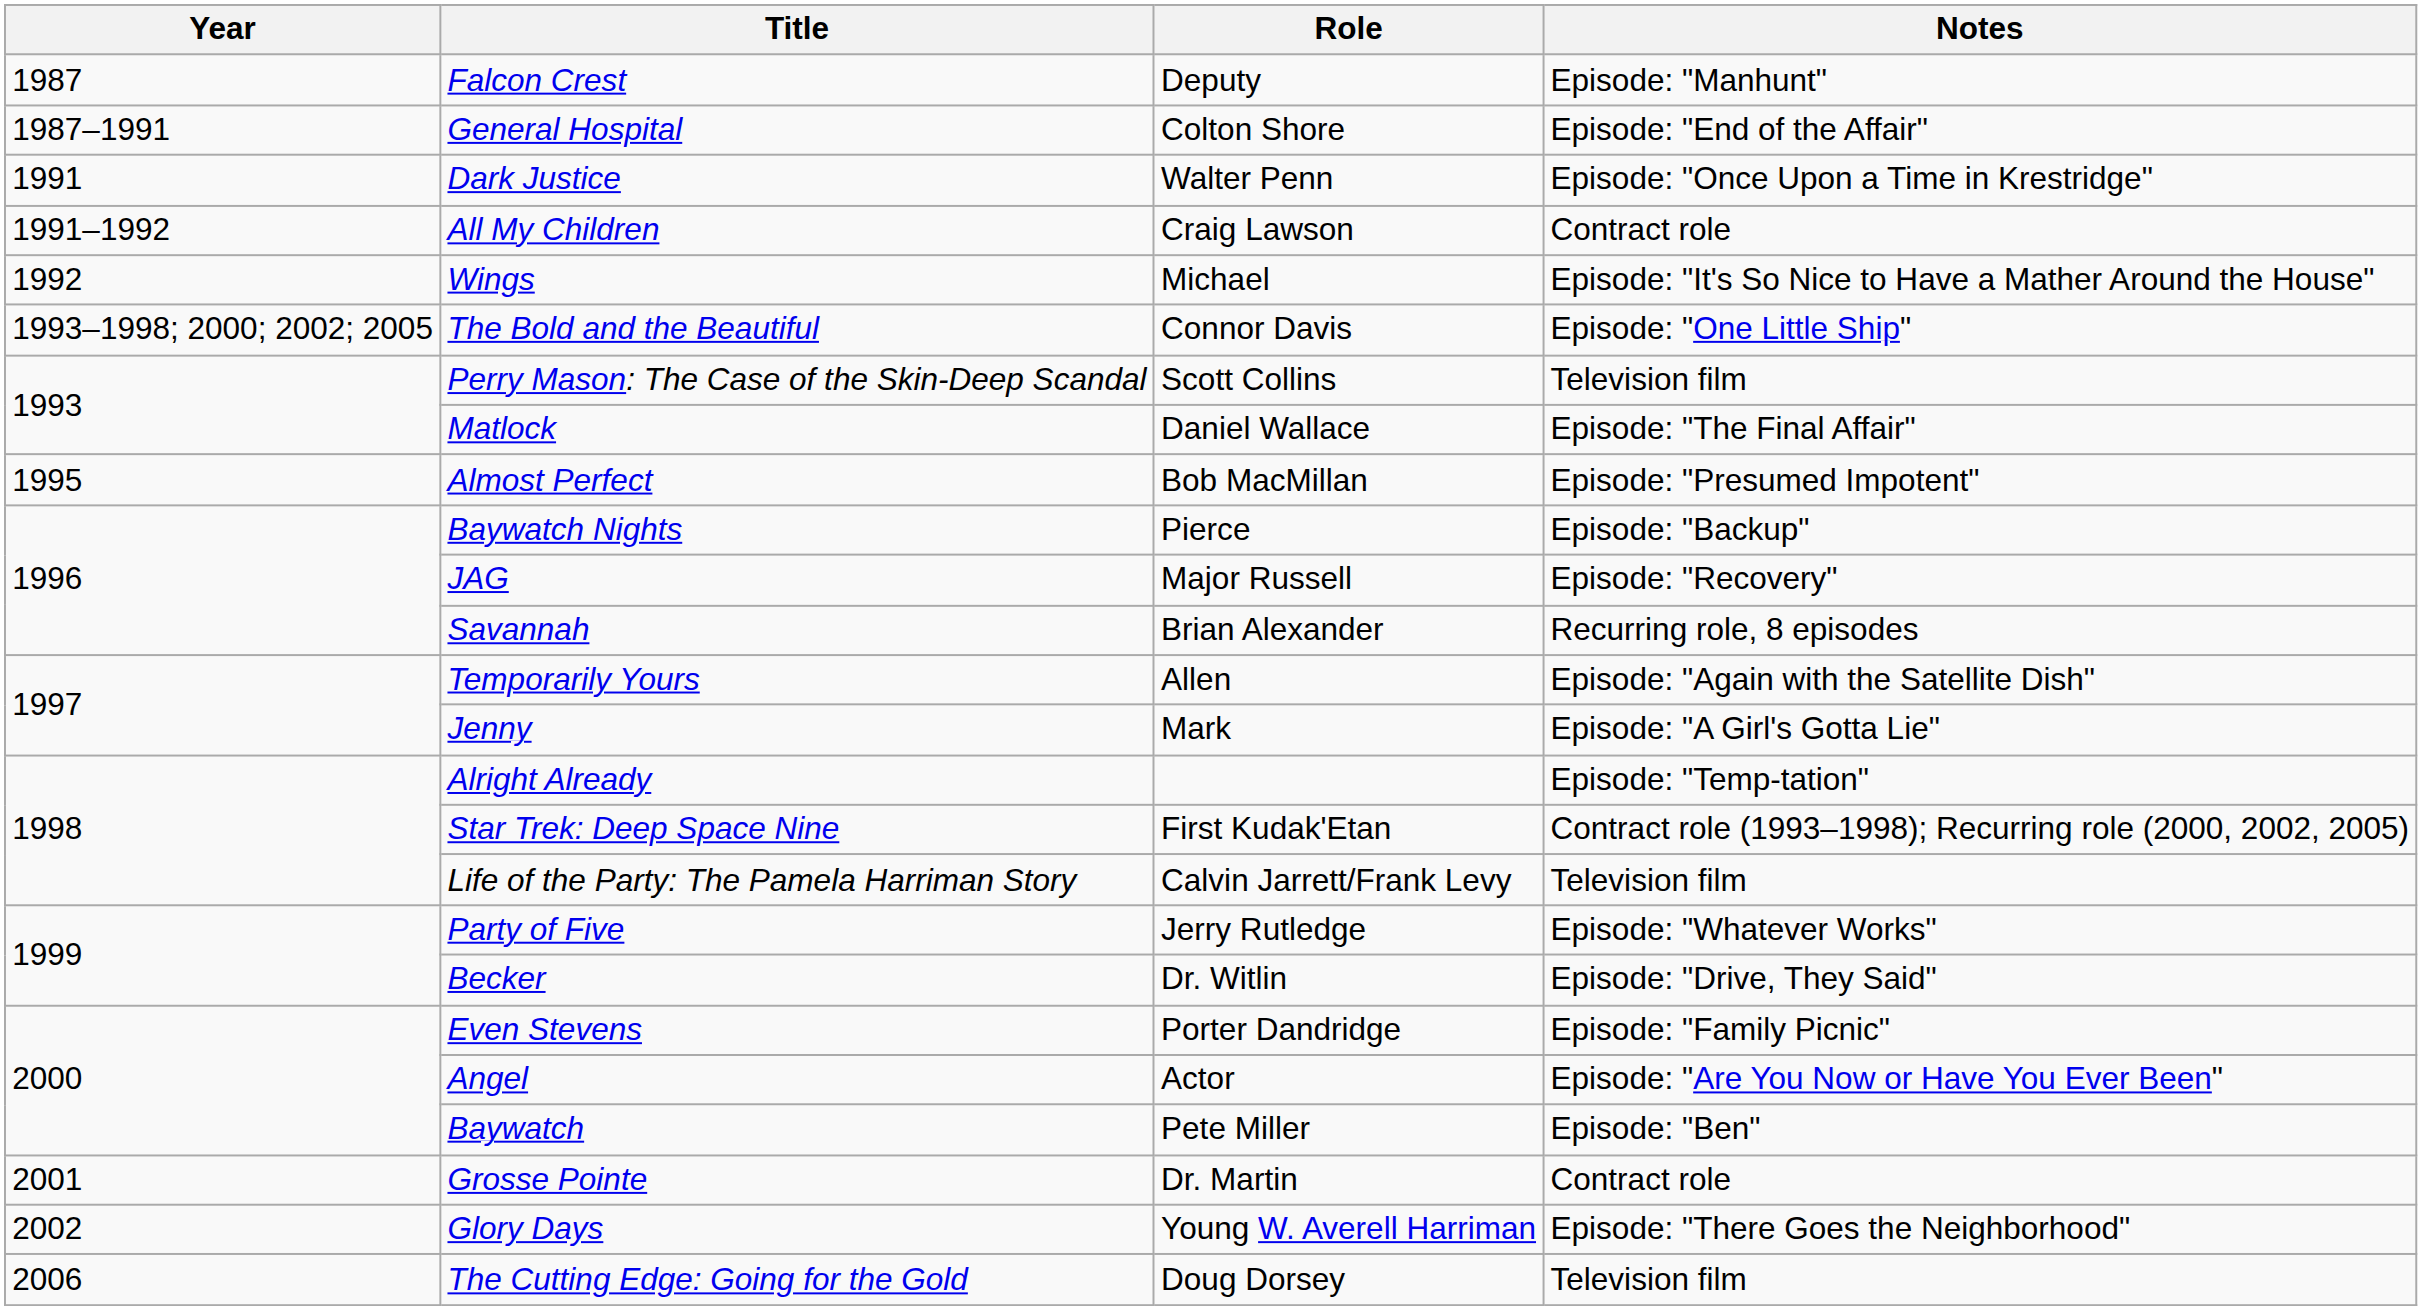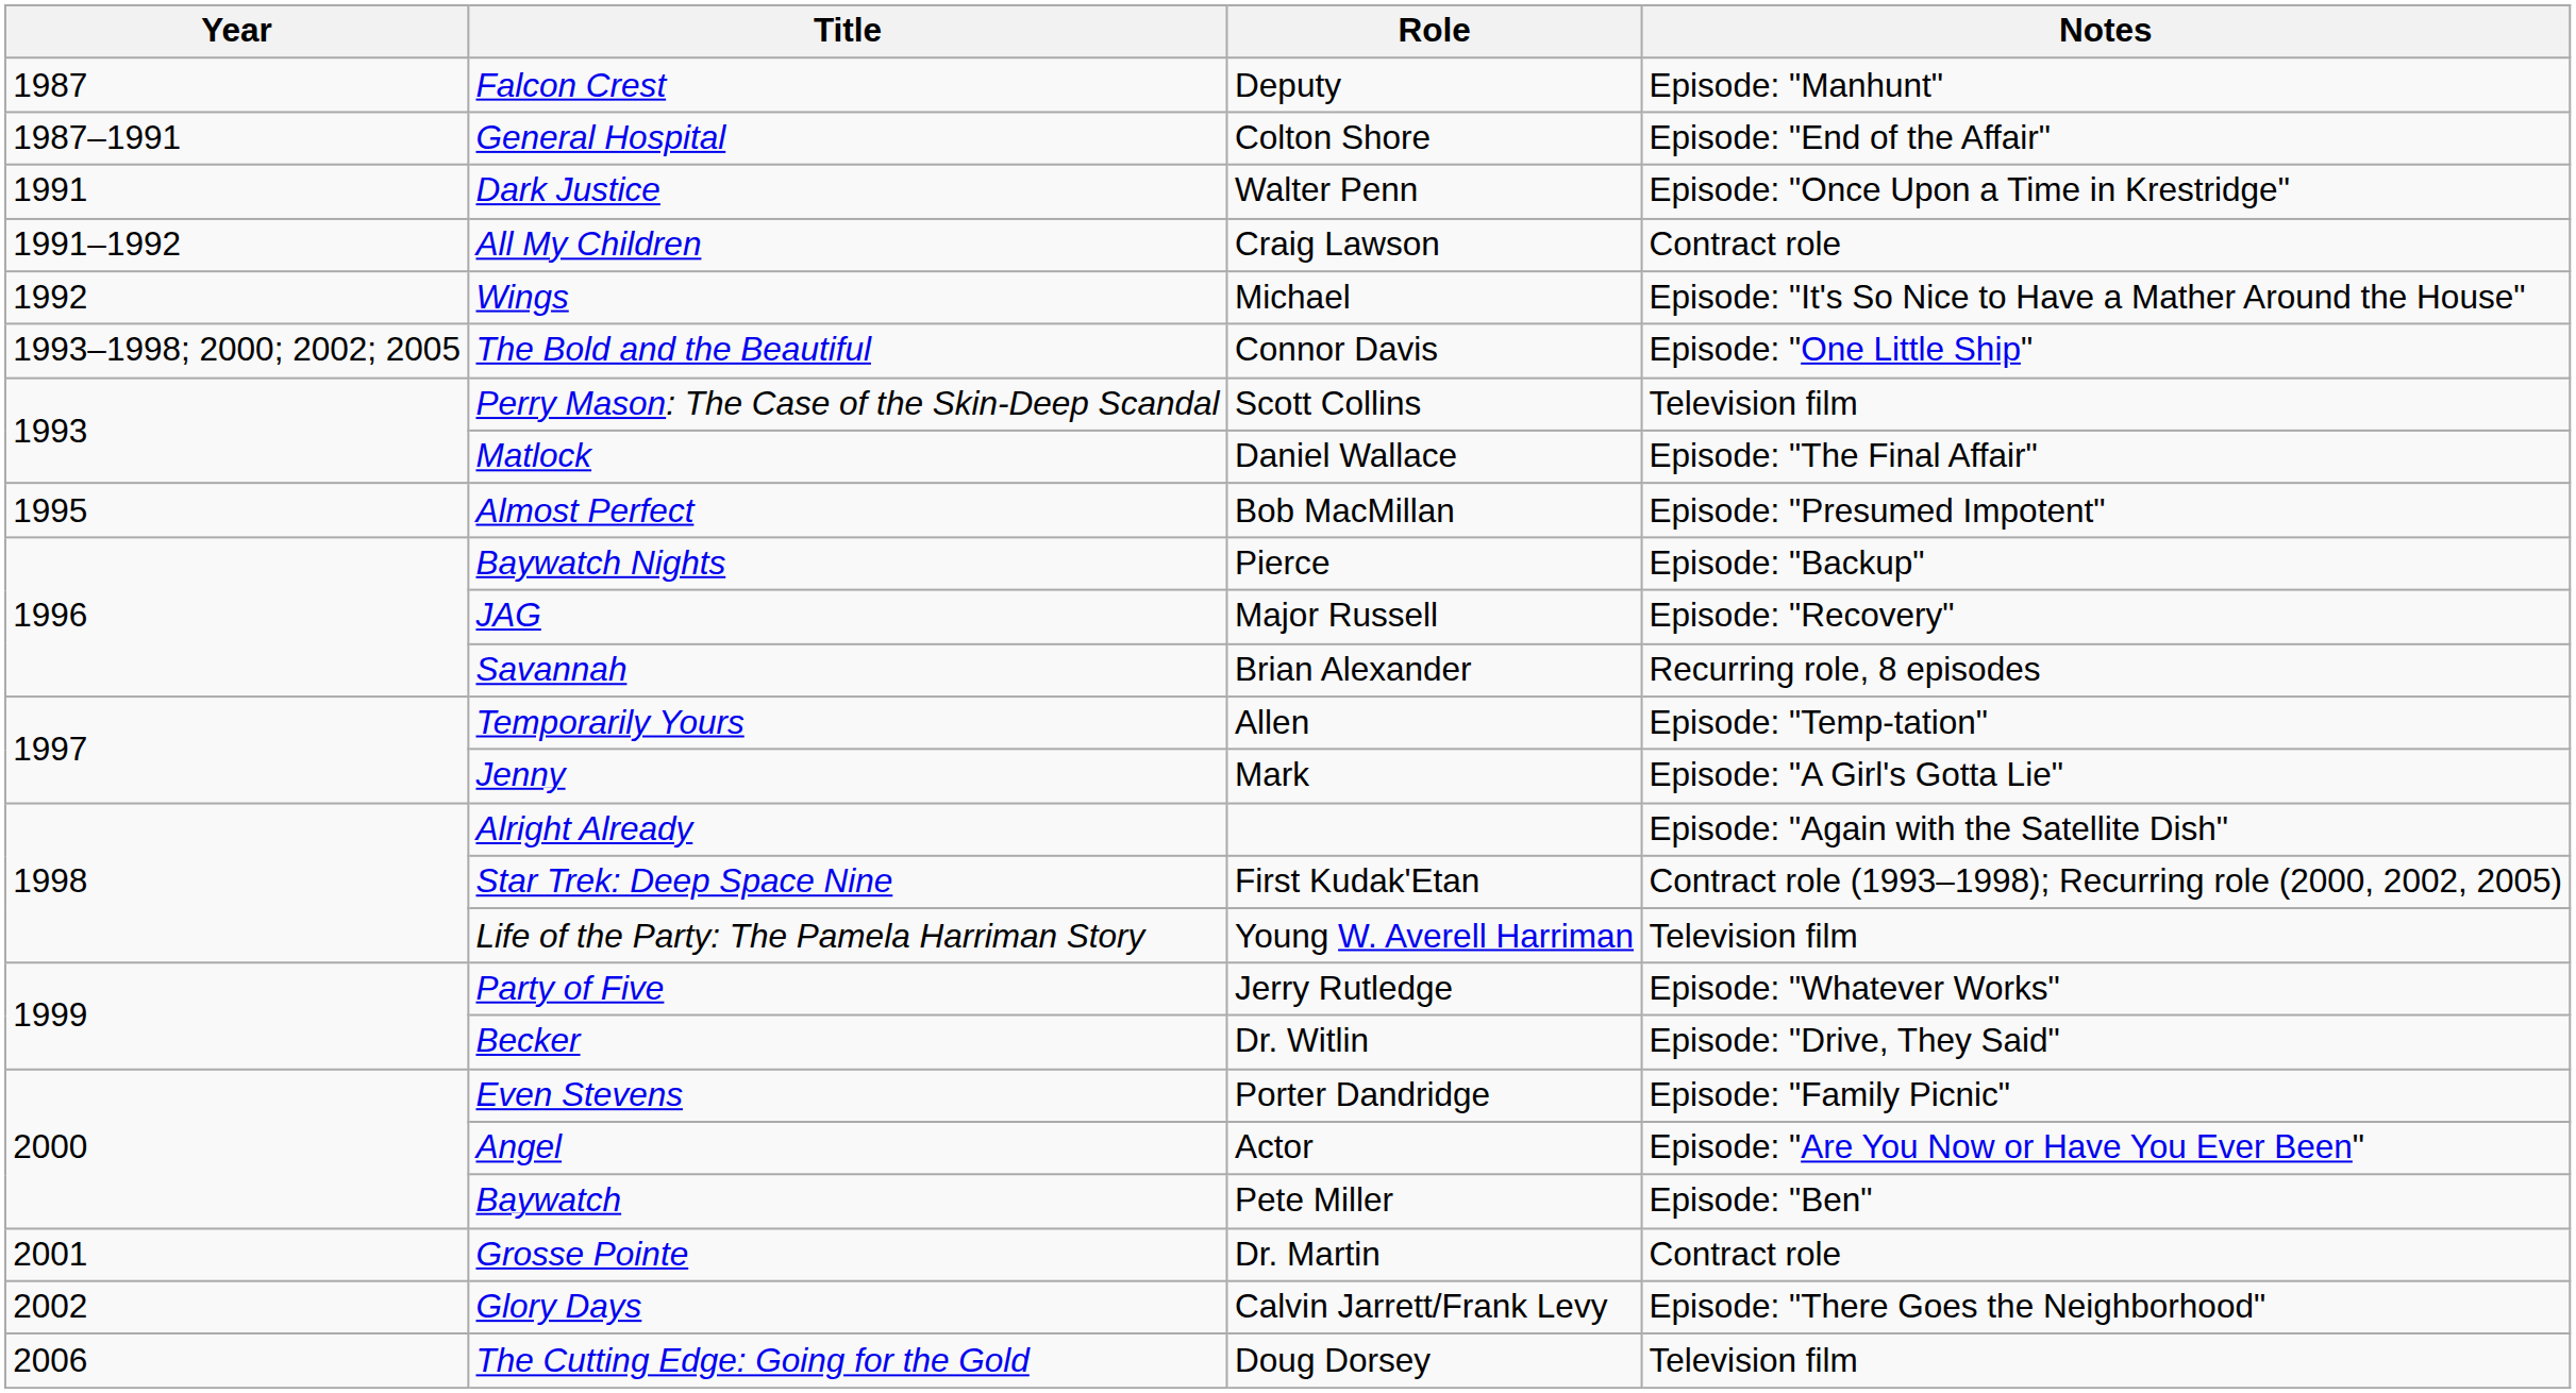 <table class="wikitable">
 <tr>
 <th>Year</th>
 <th>Title</th>
 <th>Role</th>
 <th>Notes</th>
 </tr>
 <tr>
 <td>1987</td>
 <td><em><a href='#'>Falcon Crest</a></em></td>
 <td>Deputy</td>
 <td>Episode: "Manhunt"</td>
 </tr>
 <tr>
 <td>1987–1991</td>
 <td><em><a href='#'>General Hospital</a></em></td>
 <td>Colton Shore</td>
 <td>Episode: "End of the Affair"</td>
 </tr>
 <tr>
 <td>1991</td>
 <td><em><a href='#'>Dark Justice</a></em></td>
 <td>Walter Penn</td>
 <td>Episode: "Once Upon a Time in Krestridge"</td>
 </tr>
 <tr>
 <td>1991–1992</td>
 <td><em><a href='#'>All My Children</a></em></td>
 <td>Craig Lawson</td>
 <td>Contract role</td>
 </tr>
 <tr>
 <td>1992</td>
 <td><em><a href='#'>Wings</a></em></td>
 <td>Michael</td>
 <td>Episode: "It's So Nice to Have a Mather Around the House"</td>
 </tr>
 <tr>
 <td>1993–1998; 2000; 2002; 2005</td>
 <td><em><a href='#'>The Bold and the Beautiful</a></em></td>
 <td>Connor Davis</td>
 <td>Episode: "<a href='#'>One Little Ship</a>"</td>
 </tr>
 <tr>
 <td rowspan="2">1993</td>
 <td><em><a href='#'>Perry Mason</a>: The Case of the Skin-Deep Scandal</em></td>
 <td>Scott Collins</td>
 <td>Television film</td>
 </tr>
 <tr>
 <td><em><a href='#'>Matlock</a></em></td>
 <td>Daniel Wallace</td>
 <td>Episode: "The Final Affair"</td>
 </tr>
 <tr>
 <td>1995</td>
 <td><em><a href='#'>Almost Perfect</a></em></td>
 <td>Bob MacMillan</td>
 <td>Episode: "Presumed Impotent"</td>
 </tr>
 <tr>
 <td rowspan="3">1996</td>
 <td><em><a href='#'>Baywatch Nights</a></em></td>
 <td>Pierce</td>
 <td>Episode: "Backup"</td>
 </tr>
 <tr>
 <td><em><a href='#'>JAG</a></em></td>
 <td>Major Russell</td>
 <td>Episode: "Recovery"</td>
 </tr>
 <tr>
 <td><em><a href='#'>Savannah</a></em></td>
 <td>Brian Alexander</td>
 <td>Recurring role, 8 episodes</td>
 </tr>
 <tr>
 <td rowspan="2">1997</td>
 <td><em><a href='#'>Temporarily Yours</a></em></td>
 <td>Allen</td>
-<td>Episode: "Again with the Satellite Dish"</td>
+<td>Episode: "Temp-tation"</td>
 </tr>
 <tr>
 <td><em><a href='#'>Jenny</a></em></td>
 <td>Mark</td>
 <td>Episode: "A Girl's Gotta Lie"</td>
 </tr>
 <tr>
 <td rowspan="3">1998</td>
 <td><em><a href='#'>Alright Already</a></em></td>
 <td></td>
-<td>Episode: "Temp-tation"</td>
+<td>Episode: "Again with the Satellite Dish"</td>
 </tr>
 <tr>
 <td><em><a href='#'>Star Trek: Deep Space Nine</a></em></td>
 <td>First Kudak'Etan</td>
 <td>Contract role (1993–1998); Recurring role (2000, 2002, 2005)</td>
 </tr>
 <tr>
 <td><em>Life of the Party: The Pamela Harriman Story</em></td>
-<td>Calvin Jarrett/Frank Levy</td>
+<td>Young <a href='#'>W. Averell Harriman</a></td>
 <td>Television film</td>
 </tr>
 <tr>
 <td rowspan="2">1999</td>
 <td><em><a href='#'>Party of Five</a></em></td>
 <td>Jerry Rutledge</td>
 <td>Episode: "Whatever Works"</td>
 </tr>
 <tr>
 <td><a href='#'><em>Becker</em></a></td>
 <td>Dr. Witlin</td>
 <td>Episode: "Drive, They Said"</td>
 </tr>
 <tr>
 <td rowspan="3">2000</td>
 <td><em><a href='#'>Even Stevens</a></em></td>
 <td>Porter Dandridge</td>
 <td>Episode: "Family Picnic"</td>
 </tr>
 <tr>
 <td><em><a href='#'>Angel</a></em></td>
 <td>Actor</td>
 <td>Episode: "<a href='#'>Are You Now or Have You Ever Been</a>"</td>
 </tr>
 <tr>
 <td><em><a href='#'>Baywatch</a></em></td>
 <td>Pete Miller</td>
 <td>Episode: "Ben"</td>
 </tr>
 <tr>
 <td>2001</td>
 <td><em><a href='#'>Grosse Pointe</a></em></td>
 <td>Dr. Martin</td>
 <td>Contract role</td>
 </tr>
 <tr>
 <td>2002</td>
 <td><a href='#'><em>Glory Days</em></a></td>
-<td>Young <a href='#'>W. Averell Harriman</a></td>
+<td>Calvin Jarrett/Frank Levy</td>
 <td>Episode: "There Goes the Neighborhood"</td>
 </tr>
 <tr>
 <td>2006</td>
 <td><em><a href='#'>The Cutting Edge: Going for the Gold</a></em></td>
 <td>Doug Dorsey</td>
 <td>Television film</td>
 </tr>
 </table>
